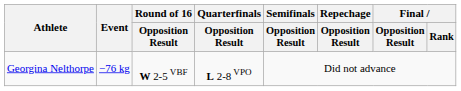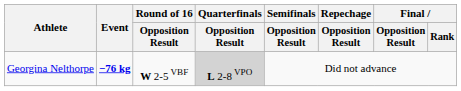 <table class="wikitable" style="text-align:center; font-size:90%">
 <tr>
 <th rowspan=2>Athlete</th>
 <th rowspan=2>Event</th>
 <th>Round of 16</th>
 <th>Quarterfinals</th>
 <th>Semifinals</th>
 <th>Repechage</th>
 <th colspan=2>Final / </th>
 </tr>
 <tr style="font-size: 95%">
 <th>Opposition<br>Result</th>
 <th>Opposition<br>Result</th>
 <th>Opposition<br>Result</th>
 <th>Opposition<br>Result</th>
 <th>Opposition<br>Result</th>
 <th>Rank</th>
 </tr>
 <tr>
 <td align=left><a href='#'>Georgina Nelthorpe</a></td>
-<td align=left><a href='#'>−76 kg</a></td>
+<td align=left><strong><a href='#'>−76 kg</a></strong></td>
 <td><br><strong>W</strong> 2-5<sup> VBF</sup></td>
-<td><br><strong>L</strong> 2-8<sup> VPO</sup></td>
+<td style="background: lightgrey;"><br><strong>L</strong> 2-8<sup> VPO</sup></td>
 <td colspan=4>Did not advance</td>
 </tr>
 </table>
